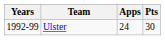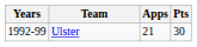 <table class="wikitable" style="text-align:left;">
 <tr>
 <th>Years</th>
 <th width=120px>Team</th>
 <th>Apps</th>
 <th>Pts</th>
 </tr>
 <tr>
 <td>1992-99</td>
 <td><a href='#'>Ulster</a></td>
-<td>24</td>
+<td>21</td>
 <td>30</td>
 </tr>
 </table>
